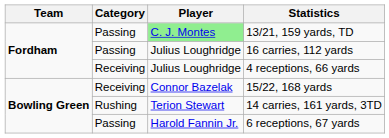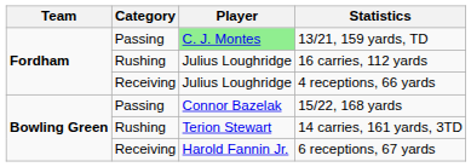 <table class="wikitable" style="float: right;">
 <tr>
 <th>Team</th>
 <th>Category</th>
 <th>Player</th>
 <th>Statistics</th>
 </tr>
 <tr>
 <td rowspan=3><strong>Fordham</strong></td>
 <td>Passing</td>
 <td style="background: lightgreen;"><a href='#'>C. J. Montes</a></td>
 <td>13/21, 159 yards, TD</td>
 </tr>
 <tr>
-<td>Passing</td>
+<td>Rushing</td>
 <td>Julius Loughridge</td>
 <td>16 carries, 112 yards</td>
 </tr>
 <tr>
 <td>Receiving</td>
 <td>Julius Loughridge</td>
 <td>4 receptions, 66 yards</td>
 </tr>
 <tr>
 <td rowspan=3><strong>Bowling Green</strong></td>
-<td>Receiving</td>
+<td>Passing</td>
 <td><a href='#'>Connor Bazelak</a></td>
 <td>15/22, 168 yards</td>
 </tr>
 <tr>
 <td>Rushing</td>
 <td><a href='#'>Terion Stewart</a></td>
 <td>14 carries, 161 yards, 3TD</td>
 </tr>
 <tr>
-<td>Passing</td>
+<td>Receiving</td>
 <td><a href='#'>Harold Fannin Jr.</a></td>
 <td>6 receptions, 67 yards</td>
 </tr>
 </table>
